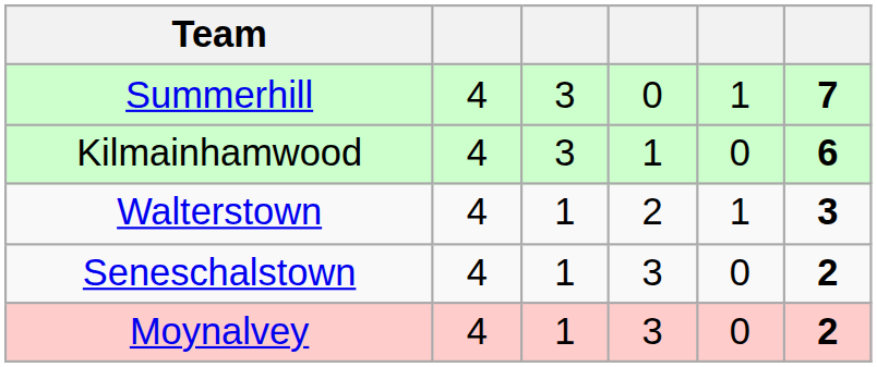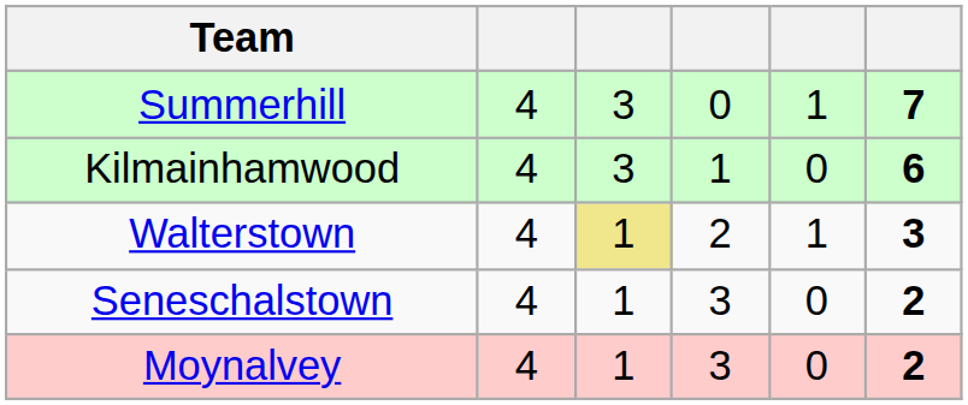 <table class="wikitable" style="text-align:center">
 <tr>
 <th width="175">Team</th>
 <th width="30"></th>
 <th width="30"></th>
 <th width="30"></th>
 <th width="30"></th>
 <th width="30"></th>
 </tr>
 <tr style="background:#cfc;">
 <td><a href='#'>Summerhill</a></td>
 <td>4</td>
 <td>3</td>
 <td>0</td>
 <td>1</td>
 <td><strong>7</strong></td>
 </tr>
 <tr style="background:#cfc;">
 <td>Kilmainhamwood</td>
 <td>4</td>
 <td>3</td>
 <td>1</td>
 <td>0</td>
 <td><strong>6</strong></td>
 </tr>
 <tr>
 <td><a href='#'>Walterstown</a></td>
 <td>4</td>
-<td>1</td>
+<td style="background: khaki;">1</td>
 <td>2</td>
 <td>1</td>
 <td><strong>3</strong></td>
 </tr>
 <tr>
 <td><a href='#'>Seneschalstown</a></td>
 <td>4</td>
 <td>1</td>
 <td>3</td>
 <td>0</td>
 <td><strong>2</strong></td>
 </tr>
 <tr style="background:#fcc;">
 <td><a href='#'>Moynalvey</a></td>
 <td>4</td>
 <td>1</td>
 <td>3</td>
 <td>0</td>
 <td><strong>2</strong></td>
 </tr>
 </table>
